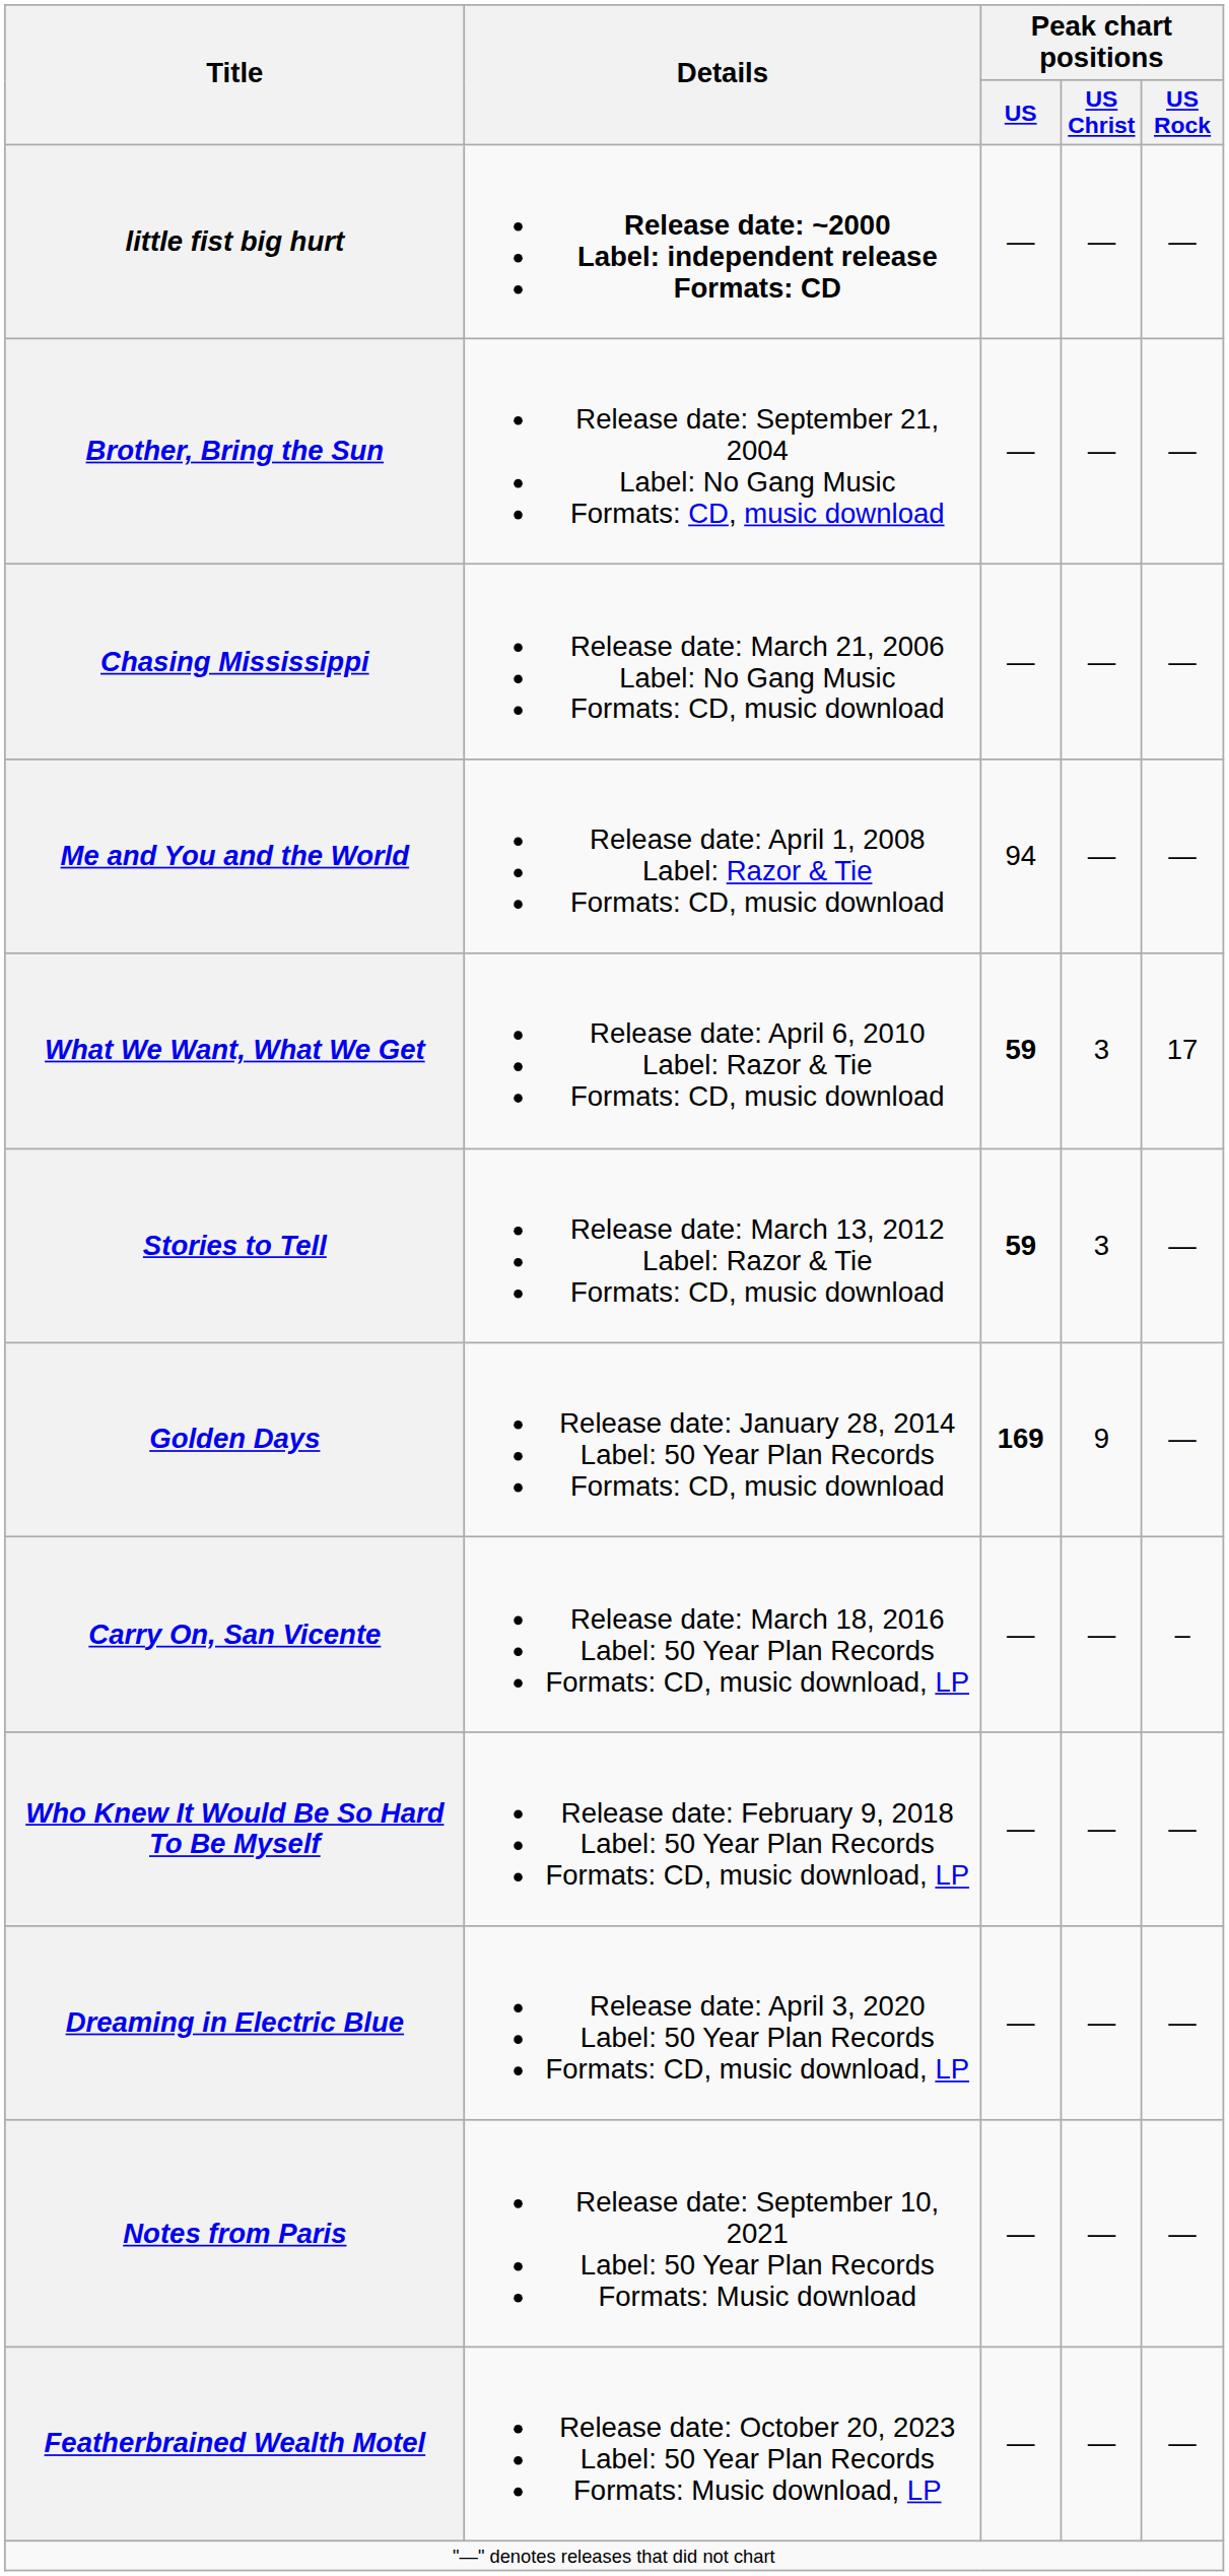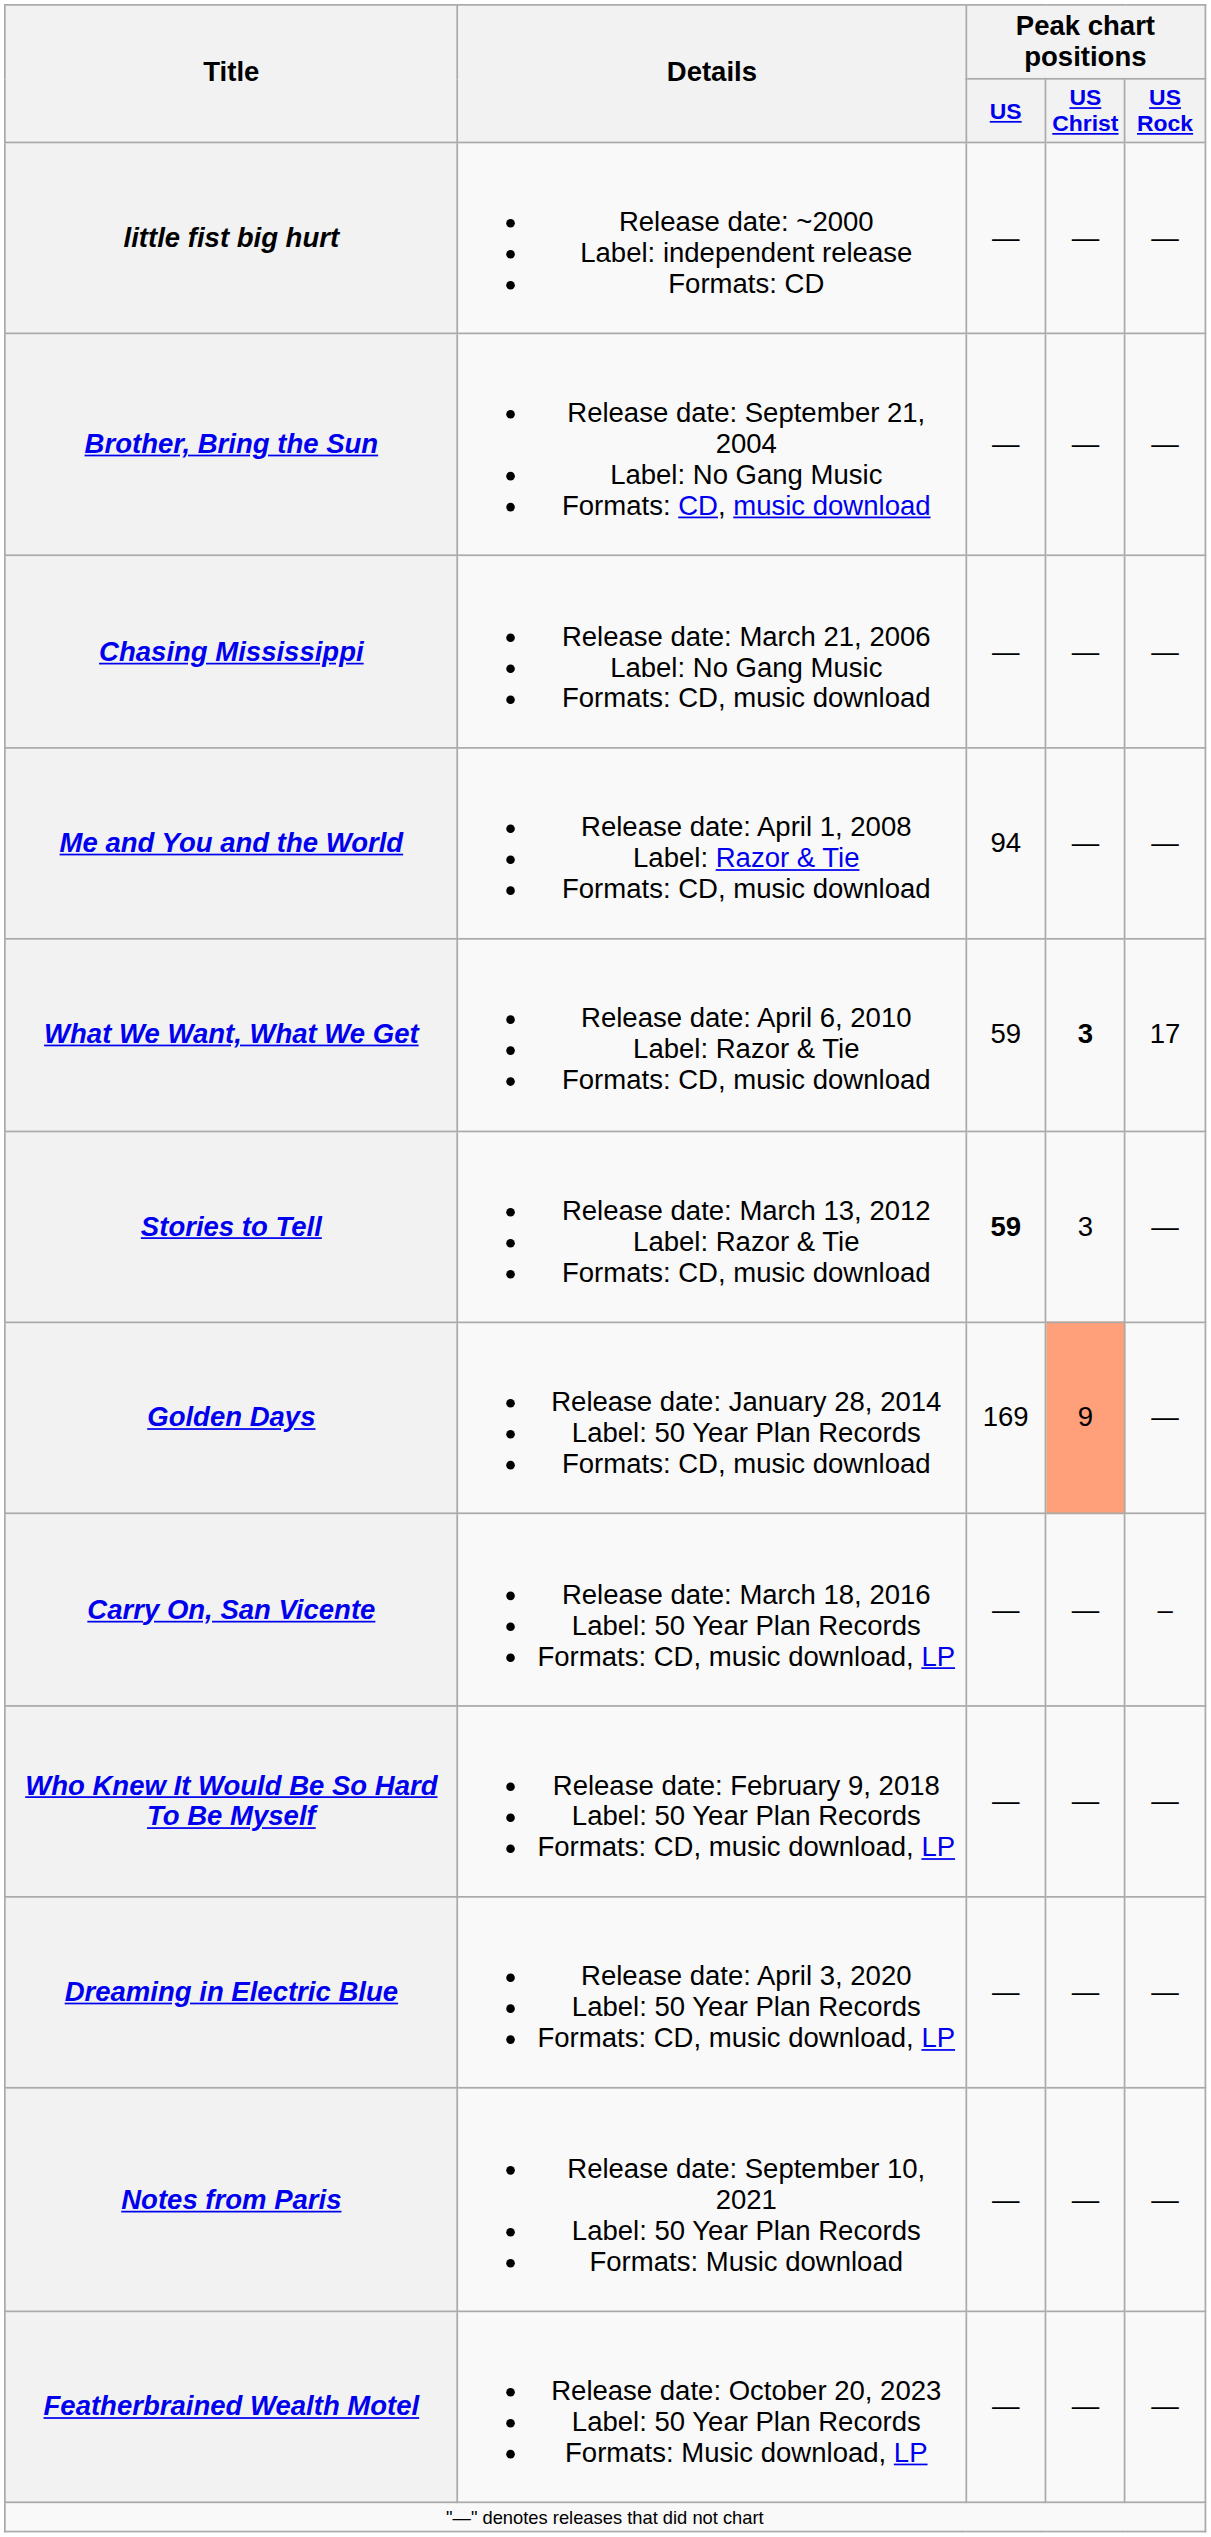 <table class="wikitable plainrowheaders" style="text-align:center;">
 <tr>
 <th rowspan="2" style="width:16em;">Title</th>
 <th rowspan="2" style="width:18em;">Details</th>
 <th colspan="3">Peak chart positions</th>
 </tr>
 <tr style="font-size:smaller;">
 <th style="width:40px;"><a href='#'>US</a><br></th>
 <th style="width:40px;"><a href='#'>US Christ</a><br></th>
 <th style="width:40px;"><a href='#'>US Rock</a><br></th>
 </tr>
 <tr>
 <th scope="row"><em>little fist big hurt</em></th>
-<td><strong><br><ul><li>Release date: ~2000</li><li>Label: independent release</li><li>Formats: CD</li></ul></strong></td>
+<td><br><ul><li>Release date: ~2000</li><li>Label: independent release</li><li>Formats: CD</li></ul></td>
 <td>—</td>
 <td>—</td>
 <td>—</td>
 </tr>
 <tr>
 <th scope="row"><em><a href='#'>Brother, Bring the Sun</a></em></th>
 <td><br><ul><li>Release date: September 21, 2004</li><li>Label: No Gang Music</li><li>Formats: <a href='#'>CD</a>, <a href='#'>music download</a></li></ul></td>
 <td>—</td>
 <td>—</td>
 <td>—</td>
 </tr>
 <tr>
 <th scope="row"><em><a href='#'>Chasing Mississippi</a></em></th>
 <td><br><ul><li>Release date: March 21, 2006</li><li>Label: No Gang Music</li><li>Formats: CD, music download</li></ul></td>
 <td>—</td>
 <td>—</td>
 <td>—</td>
 </tr>
 <tr>
 <th scope="row"><em><a href='#'>Me and You and the World</a></em></th>
 <td><br><ul><li>Release date: April 1, 2008</li><li>Label: <a href='#'>Razor & Tie</a></li><li>Formats: CD, music download</li></ul></td>
 <td>94</td>
 <td>—</td>
 <td>—</td>
 </tr>
 <tr>
 <th scope="row"><em><a href='#'>What We Want, What We Get</a></em></th>
 <td><br><ul><li>Release date: April 6, 2010</li><li>Label: Razor & Tie</li><li>Formats: CD, music download</li></ul></td>
-<td><strong>59</strong></td>
-<td>3</td>
+<td>59</td>
+<td><strong>3</strong></td>
 <td>17</td>
 </tr>
 <tr>
 <th scope="row"><em><a href='#'>Stories to Tell</a></em></th>
 <td><br><ul><li>Release date: March 13, 2012</li><li>Label: Razor & Tie</li><li>Formats: CD, music download</li></ul></td>
 <td><strong>59</strong></td>
 <td>3</td>
 <td>—</td>
 </tr>
 <tr>
 <th scope="row"><em><a href='#'>Golden Days</a></em></th>
 <td><br><ul><li>Release date: January 28, 2014</li><li>Label: 50 Year Plan Records</li><li>Formats: CD, music download</li></ul></td>
-<td><strong>169</strong></td>
-<td>9</td>
+<td>169</td>
+<td style="background: lightsalmon;">9</td>
 <td>—</td>
 </tr>
 <tr>
 <th scope="row"><em><a href='#'>Carry On, San Vicente</a></em></th>
 <td><br><ul><li>Release date: March 18, 2016</li><li>Label: 50 Year Plan Records</li><li>Formats: CD, music download, <a href='#'>LP</a></li></ul></td>
 <td>—</td>
 <td>—</td>
 <td>–</td>
 </tr>
 <tr>
 <th scope="row"><em><a href='#'>Who Knew It Would Be So Hard To Be Myself</a></em></th>
 <td><br><ul><li>Release date: February 9, 2018</li><li>Label: 50 Year Plan Records</li><li>Formats: CD, music download, <a href='#'>LP</a></li></ul></td>
 <td>—</td>
 <td>—</td>
 <td>—</td>
 </tr>
 <tr>
 <th scope="row"><em><a href='#'>Dreaming in Electric Blue</a></em></th>
 <td><br><ul><li>Release date: April 3, 2020</li><li>Label: 50 Year Plan Records</li><li>Formats: CD, music download, <a href='#'>LP</a></li></ul></td>
 <td>—</td>
 <td>—</td>
 <td>—</td>
 </tr>
 <tr>
 <th scope="row"><em><a href='#'>Notes from Paris</a></em></th>
 <td><br><ul><li>Release date: September 10, 2021</li><li>Label: 50 Year Plan Records</li><li>Formats: Music download</li></ul></td>
 <td>—</td>
 <td>—</td>
 <td>—</td>
 </tr>
 <tr>
 <th scope="row"><em><a href='#'>Featherbrained Wealth Motel</a></em></th>
 <td><br><ul><li>Release date: October 20, 2023</li><li>Label: 50 Year Plan Records</li><li>Formats: Music download, <a href='#'>LP</a></li></ul></td>
 <td>—</td>
 <td>—</td>
 <td>—</td>
 </tr>
 <tr>
 <td colspan="10" style="font-size:8pt">"—" denotes releases that did not chart</td>
 </tr>
 </table>
